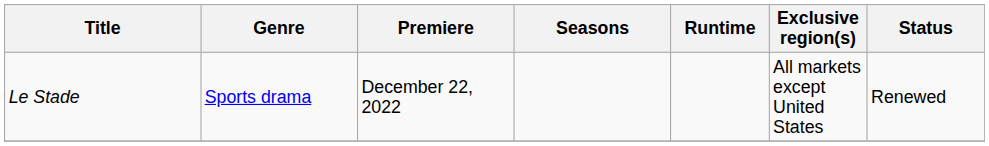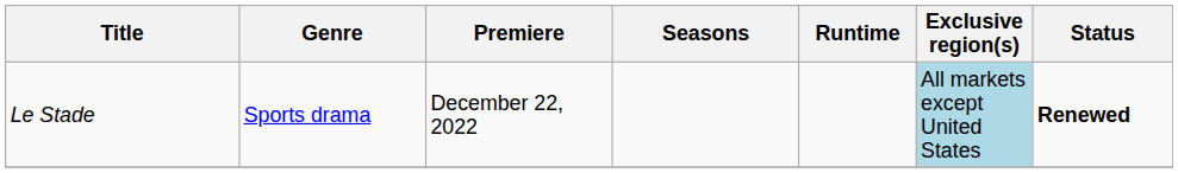 <table class="wikitable sortable" style="width:100%;">
 <tr>
 <th style="width:20%;">Title</th>
 <th style="width:16%;">Genre</th>
 <th style="width:16%;">Premiere</th>
 <th style="width:16%;">Seasons</th>
 <th style="width:10%;">Runtime</th>
 <th style="width:10%;">Exclusive region(s)</th>
 <th style="width:12%;">Status</th>
 </tr>
 <tr>
 <td><em>Le Stade</em></td>
 <td><a href='#'>Sports drama</a></td>
 <td>December 22, 2022</td>
 <td></td>
 <td></td>
-<td>All markets except United States</td>
-<td>Renewed</td>
+<td style="background: lightblue;">All markets except United States</td>
+<td><strong>Renewed</strong></td>
 </tr>
 <tr>
 </tr>
 </table>
